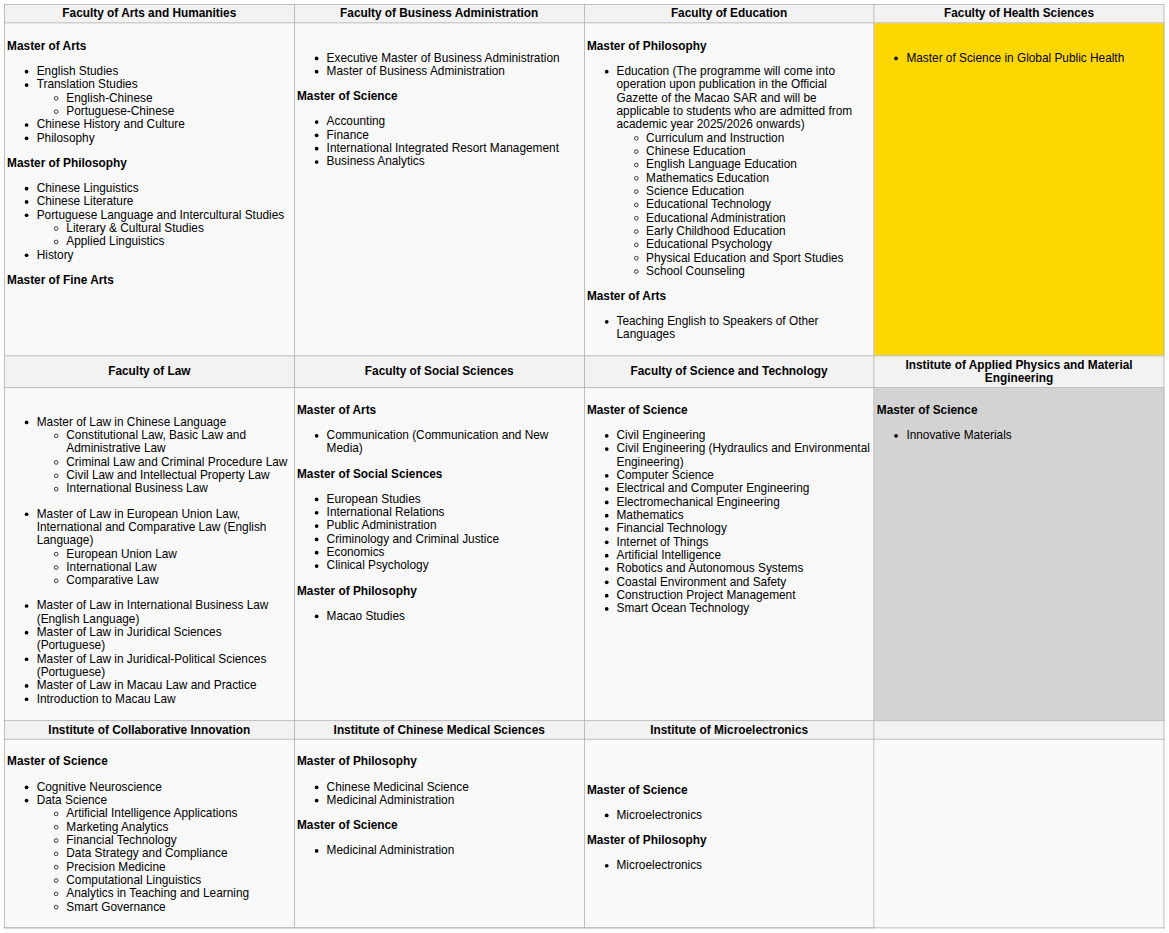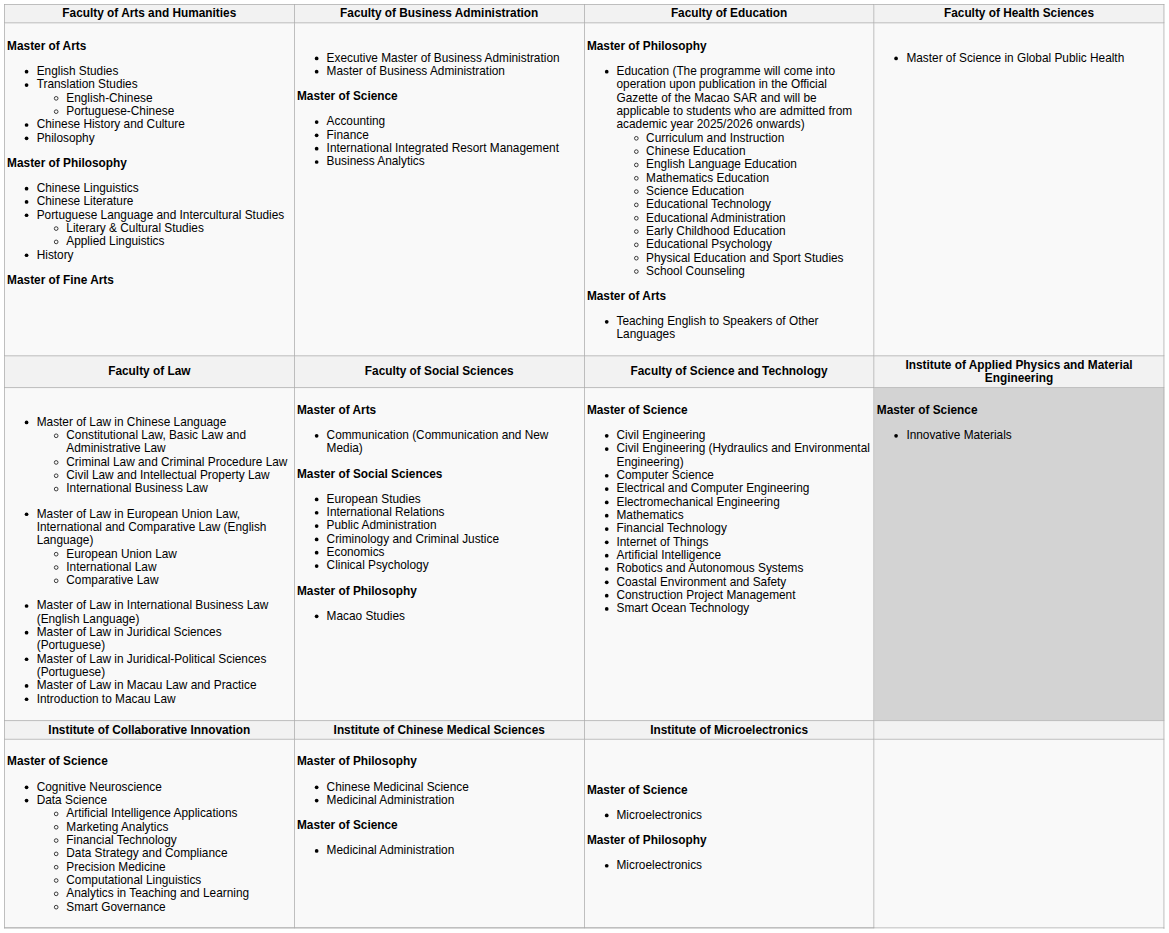 <table class="wikitable">
 <tr>
 <th width="25%">Faculty of Arts and Humanities</th>
 <th width="25%">Faculty of Business Administration</th>
 <th width="25%">Faculty of Education</th>
 <th width="25%">Faculty of Health Sciences</th>
 </tr>
 <tr>
 <td valign="top"><br><strong>Master of Arts</strong><ul><li>English Studies</li><li>Translation Studies<ul><li>English-Chinese</li><li>Portuguese-Chinese</li></ul></li><li>Chinese History and Culture</li><li>Philosophy</li></ul><strong>Master of Philosophy</strong><ul><li>Chinese Linguistics</li><li>Chinese Literature</li><li>Portuguese Language and Intercultural Studies<ul><li>Literary & Cultural Studies</li><li>Applied Linguistics</li></ul></li><li>History</li></ul><strong>Master of Fine Arts</strong></td>
 <td valign="top"><br><ul><li>Executive Master of Business Administration</li><li>Master of Business Administration</li></ul><strong>Master of Science</strong><ul><li>Accounting</li><li>Finance</li><li>International Integrated Resort Management</li><li>Business Analytics</li></ul></td>
 <td valign="top"><br><strong>Master of Philosophy</strong><ul><li>Education (The programme will come into operation upon publication in the Official Gazette of the Macao SAR and will be applicable to students who are admitted from academic year 2025/2026 onwards)<ul><li>Curriculum and Instruction</li><li>Chinese Education</li><li>English Language Education</li><li>Mathematics Education</li><li>Science Education</li><li>Educational Technology</li><li>Educational Administration</li><li>Early Childhood Education</li><li>Educational Psychology</li><li>Physical Education and Sport Studies</li><li>School Counseling</li></ul></li></ul><strong>Master of Arts</strong><ul><li>Teaching English to Speakers of Other Languages  </li></ul></td>
-<td valign="top" style="background: gold;"><br><ul><li>Master of Science in Global Public Health</li></ul></td>
+<td valign="top"><br><ul><li>Master of Science in Global Public Health</li></ul></td>
 </tr>
 <tr>
 <th>Faculty of Law</th>
 <th>Faculty of Social Sciences</th>
 <th>Faculty of Science and Technology</th>
 <th><strong>Institute of Applied Physics and Material Engineering</strong></th>
 </tr>
 <tr>
 <td valign="top"><br><ul><li>Master of Law in Chinese Language<ul><li>Constitutional Law, Basic Law and Administrative Law</li><li>Criminal Law and Criminal Procedure Law</li><li>Civil Law and Intellectual Property Law</li><li>International Business Law</li></ul></li></ul><ul><li>Master of Law in European Union Law, International and Comparative Law (English Language)<ul><li>European Union Law</li><li>International Law</li><li>Comparative Law</li></ul></li></ul><ul><li>Master of Law in International Business Law (English Language)</li><li>Master of Law in Juridical Sciences (Portuguese)</li><li>Master of Law in Juridical-Political Sciences (Portuguese)</li><li>Master of Law in Macau Law and Practice</li><li>Introduction to Macau Law</li></ul></td>
 <td valign="top"><br><strong>Master of Arts</strong><ul><li>Communication (Communication and New Media)</li></ul><strong>Master of Social Sciences</strong><ul><li>European Studies</li><li>International Relations</li><li>Public Administration</li><li>Criminology and Criminal Justice</li><li>Economics</li><li>Clinical Psychology</li></ul><strong>Master of Philosophy</strong><ul><li>Macao Studies</li></ul></td>
 <td valign="top"><br><strong>Master of Science</strong><ul><li>Civil Engineering</li><li>Civil Engineering (Hydraulics and Environmental Engineering)</li><li>Computer Science</li><li>Electrical and Computer Engineering</li><li>Electromechanical Engineering</li><li>Mathematics</li><li>Financial Technology</li><li>Internet of Things</li><li>Artificial Intelligence</li><li>Robotics and Autonomous Systems</li><li>Coastal Environment and Safety</li><li>Construction Project Management</li><li>Smart Ocean Technology</li></ul></td>
 <td valign="top" style="background: lightgrey;"><br><strong>Master of Science</strong><ul><li>Innovative Materials</li></ul></td>
 </tr>
 <tr>
 <th><strong>Institute of Collaborative Innovation</strong></th>
 <th><strong>Institute of Chinese Medical Sciences</strong></th>
 <th><strong>Institute of Microelectronics</strong></th>
 <th></th>
 </tr>
 <tr>
 <td valign="top"><br><strong>Master of Science</strong><ul><li>Cognitive Neuroscience</li><li>Data Science<ul><li>Artificial Intelligence Applications</li><li>Marketing Analytics</li><li>Financial Technology</li><li>Data Strategy and Compliance</li><li>Precision Medicine</li><li>Computational Linguistics</li><li>Analytics in Teaching and Learning</li><li>Smart Governance</li></ul></li></ul></td>
 <td valign="top"><br><strong>Master of Philosophy</strong><ul><li>Chinese Medicinal Science</li><li>Medicinal Administration</li></ul><strong>Master of Science</strong><ul><li>Medicinal Administration</li></ul></td>
 <td><strong>Master of Science</strong><br><ul><li>Microelectronics</li></ul><strong>Master of Philosophy</strong><ul><li>Microelectronics</li></ul></td>
 </tr>
 <tr>
 </tr>
 </table>
